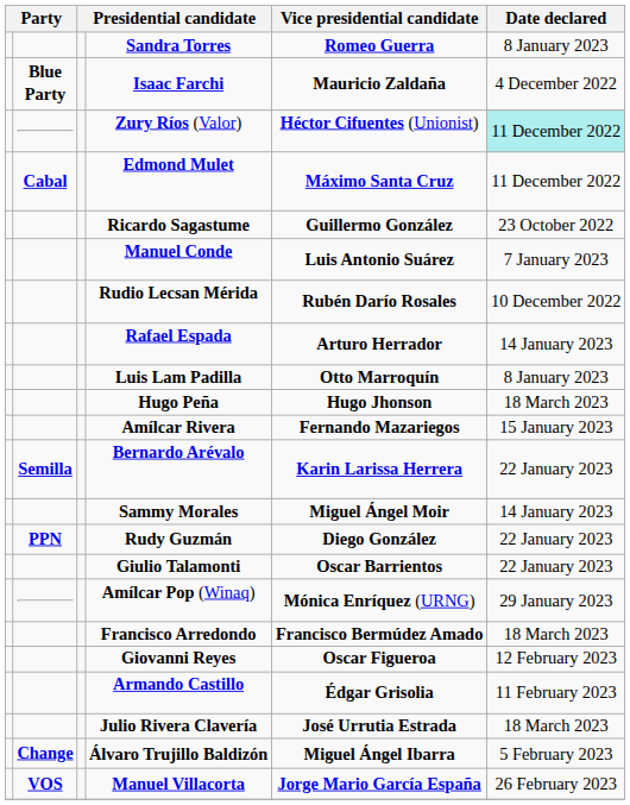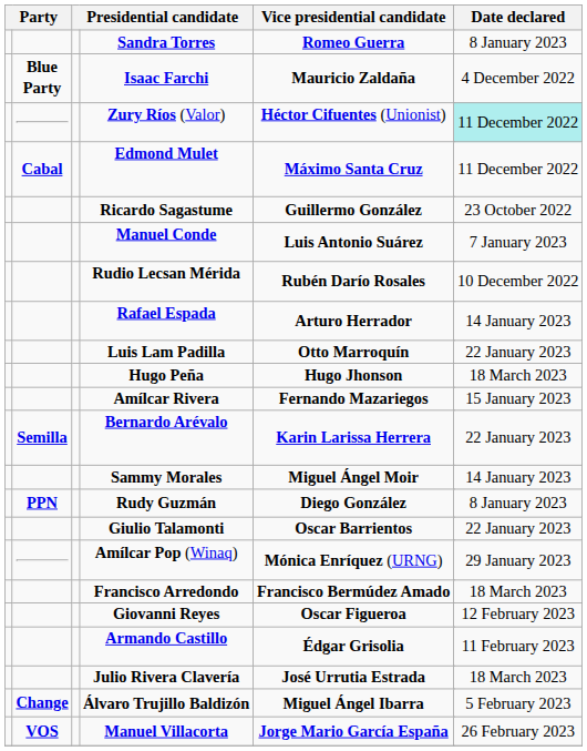 <table class="vertical-align-top wikitable">
 <tr>
 <th scope=colgroup colspan=2>Party</th>
 <th scope=colgroup colspan=2>Presidential candidate</th>
 <th scope=colgroup colspan=2>Vice presidential candidate</th>
 <th>Date declared</th>
 </tr>
 <tr>
 <td style=background:></td>
 <td style="text-align:center; line-height:1.3"><strong></strong></td>
 <td></td>
 <td style="text-align:center; line-height:1.0"><strong><a href='#'>Sandra Torres</a></strong><br></td>
 <td colspan=2; style="text-align:center; line-height:1.0"><strong><a href='#'>Romeo Guerra</a></strong></td>
 <td style="text-align:center; line-height:1.0">8 January 2023</td>
 </tr>
 <tr>
 <td style="background:"></td>
 <td style="text-align:center; line-height:1.3"><strong>Blue <br>Party</strong></td>
 <td></td>
 <td style="text-align:center; line-height:1.0"><strong><a href='#'>Isaac Farchi</a></strong><br></td>
 <td colspan="2;" style="text-align:center; line-height:1.0"><strong>Mauricio Zaldaña</strong></td>
 <td style="text-align:center ">4 December 2022</td>
 </tr>
 <tr>
 <td style="background:"></td>
 <td style="text-align:center; line-height:1.3"><strong></strong><hr><strong></strong></td>
 <td></td>
 <td style="text-align:center; line-height:1.0"><strong><a href='#'>Zury Ríos</a></strong> (<a href='#'>Valor</a>)<br><br></td>
 <td colspan="2;" style="text-align:center; line-height:1.0"><strong><a href='#'>Héctor Cifuentes</a></strong> (<a href='#'>Unionist</a>)<br><br></td>
 <td style="background: paleturquoise; text-align:center ">11 December 2022</td>
 </tr>
 <tr>
 <td style="background:"></td>
 <td style="text-align:center; line-height:1.3"><strong><a href='#'>Cabal</a></strong></td>
 <td></td>
 <td style="text-align:center; line-height:1.0"><strong><a href='#'>Edmond Mulet</a></strong><br><br><br></td>
 <td colspan="2;" style="text-align:center; line-height:1.0"><strong><a href='#'>Máximo Santa Cruz</a></strong></td>
 <td style="text-align:center ">11 December 2022</td>
 </tr>
 <tr>
 <td style="background:"></td>
 <td style="text-align:center; line-height:1.3"><strong></strong></td>
 <td></td>
 <td style="text-align:center; line-height:1.0"><strong>Ricardo Sagastume</strong><br></td>
 <td colspan="2;" style="text-align:center; line-height:1.0"><strong>Guillermo González</strong></td>
 <td style="text-align:center ">23 October 2022</td>
 </tr>
 <tr>
 <td style="background:"></td>
 <td style="text-align:center; line-height:1.3"><strong></strong></td>
 <td></td>
 <td style="text-align:center; line-height:1.0"><strong><a href='#'>Manuel Conde</a></strong><br><br></td>
 <td colspan="2;" style="text-align:center; line-height:1.0"><strong>Luis Antonio Suárez</strong></td>
 <td style="text-align:center; line-height:1.0">7 January 2023</td>
 </tr>
 <tr>
 <td style="background:"></td>
 <td style="text-align:center; line-height:1.3"><strong></strong></td>
 <td></td>
 <td style="text-align:center; line-height:1.0"><strong>Rudio Lecsan Mérida</strong><br><br></td>
 <td colspan="2;" style="text-align:center; line-height:1.0"><strong>Rubén Darío Rosales</strong><br></td>
 <td style="text-align:center ">10 December 2022</td>
 </tr>
 <tr>
 <td style="background:"></td>
 <td style="text-align:center; line-height:1.3"></td>
 <td></td>
 <td style="text-align:center; line-height:1.0"><strong><a href='#'>Rafael Espada</a></strong><br><br></td>
 <td colspan="2;" style="text-align:center; line-height:1.0"><strong>Arturo Herrador</strong></td>
 <td style="text-align:center; line-height:1.0">14 January 2023</td>
 </tr>
 <tr>
 <td style="background:"></td>
 <td style="text-align:center; line-height:1.3"></td>
 <td></td>
 <td style="text-align:center; line-height:1.0"><strong>Luis Lam Padilla</strong><br></td>
 <td colspan="2;" style="text-align:center; line-height:1.0"><strong>Otto Marroquín</strong></td>
-<td style="text-align:center; line-height:1.0">8 January 2023</td>
+<td style="text-align:center; line-height:1.0">22 January 2023</td>
 </tr>
 <tr>
 <td style="background:"></td>
 <td style="text-align:center; line-height:1.3"></td>
 <td></td>
 <td style="text-align:center; line-height:1.0"><strong>Hugo Peña</strong></td>
 <td colspan="2;" style="text-align:center; line-height:1.0"><strong>Hugo Jhonson</strong></td>
 <td style="text-align:center; line-height:1.0">18 March 2023</td>
 </tr>
 <tr>
 <td style="background:"></td>
 <td style="text-align:center; line-height:1.3"><strong></strong></td>
 <td></td>
 <td style="text-align:center; line-height:1.0"><strong>Amílcar Rivera</strong><br></td>
 <td colspan="2;" style="text-align:center; line-height:1.0"><strong>Fernando Mazariegos</strong></td>
 <td style="text-align:center; line-height:1.0">15 January 2023</td>
 </tr>
 <tr>
 <td style="background:"></td>
 <td style="text-align:center; line-height:1.3"><strong><a href='#'>Semilla</a></strong></td>
 <td></td>
 <td style="text-align:center; line-height:1.0"><strong><a href='#'>Bernardo Arévalo</a></strong><br><br><br></td>
 <td colspan="2;" style="text-align:center; line-height:1.0"><strong><a href='#'>Karin Larissa Herrera</a></strong></td>
 <td style="text-align:center; line-height:1.0">22 January 2023</td>
 </tr>
 <tr>
 <td style="background:"></td>
 <td style="text-align:center; line-height:1.3"><strong></strong></td>
 <td></td>
 <td style="text-align:center; line-height:1.0"><strong>Sammy Morales</strong></td>
 <td colspan="2;" style="text-align:center; line-height:1.0"><strong>Miguel Ángel Moir</strong></td>
 <td style="text-align:center; line-height:1.0">14 January 2023</td>
 </tr>
 <tr>
 <td style="background:"></td>
 <td style="text-align:center; line-height:1.3"><strong><a href='#'>PPN</a></strong></td>
 <td></td>
 <td style="text-align:center; line-height:1.0"><strong>Rudy Guzmán</strong></td>
 <td colspan="2;" style="text-align:center; line-height:1.0"><strong>Diego González</strong><br></td>
-<td style="text-align:center; line-height:1.0">22 January 2023</td>
+<td style="text-align:center; line-height:1.0">8 January 2023</td>
 </tr>
 <tr>
 <td style="background:"></td>
 <td style="text-align:center; line-height:1.3"></td>
 <td></td>
 <td style="text-align:center; line-height:1.0"><strong>Giulio Talamonti</strong><br></td>
 <td colspan="2;" style="text-align:center; line-height:1.0"><strong>Oscar Barrientos</strong></td>
 <td style="text-align:center; line-height:1.0">22 January 2023</td>
 </tr>
 <tr>
 <td style="background:"></td>
 <td style="text-align:center; line-height:1.3"><strong></strong><hr><strong></strong></td>
 <td></td>
 <td style="text-align:center; line-height:1.0"><strong>Amílcar Pop</strong> (<a href='#'>Winaq</a>)<br><br></td>
 <td colspan="2;" style="text-align:center; line-height:1.0"><strong>Mónica Enríquez</strong> (<a href='#'>URNG</a>)</td>
 <td style="text-align:center; line-height:1.0">29 January 2023</td>
 </tr>
 <tr>
 <td style="background:"></td>
 <td style="text-align:center; line-height:1.3"><strong></strong></td>
 <td></td>
 <td style="text-align:center; line-height:1.0"><strong>Francisco Arredondo</strong><br></td>
 <td colspan="2;" style="text-align:center; line-height:1.0"><strong>Francisco Bermúdez Amado</strong><br></td>
 <td style="text-align:center; line-height:1.0">18 March 2023</td>
 </tr>
 <tr>
 <td style="background:"></td>
 <td style="text-align:center; line-height:1.3"><strong></strong></td>
 <td></td>
 <td style="text-align:center; line-height:1.0"><strong>Giovanni Reyes</strong></td>
 <td colspan="2;" style="text-align:center; line-height:1.0"><strong>Oscar Figueroa</strong></td>
 <td style="text-align:center; line-height:1.0">12 February 2023</td>
 </tr>
 <tr>
 <td style="background:"></td>
 <td style="text-align:center; line-height:1.3"><strong></strong></td>
 <td></td>
 <td style="text-align:center; line-height:1.0"><strong><a href='#'>Armando Castillo</a></strong><br><br></td>
 <td colspan="2;" style="text-align:center; line-height:1.0"><strong>Édgar Grisolia</strong></td>
 <td style="text-align:center; line-height:1.0">11 February 2023</td>
 </tr>
 <tr>
 <td style="background:"></td>
 <td style="text-align:center; line-height:1.3"></td>
 <td></td>
 <td style="text-align:center; line-height:1.0"><strong>Julio Rivera Clavería</strong><br></td>
 <td colspan="2;" style="text-align:center; line-height:1.0"><strong>José Urrutia Estrada</strong></td>
 <td style="text-align:center; line-height:1.0">18 March 2023</td>
 </tr>
 <tr>
 <td style="background:"></td>
 <td style="text-align:center; line-height:1.3"><strong><a href='#'>Change</a></strong></td>
 <td></td>
 <td style="text-align:center; line-height:1.0"><strong>Álvaro Trujillo Baldizón</strong><br></td>
 <td colspan="2;" style="text-align:center; line-height:1.0"><strong>Miguel Ángel Ibarra</strong><br></td>
 <td style="text-align:center; line-height:1.0">5 February 2023</td>
 </tr>
 <tr>
 <td style="background:"></td>
 <td style="text-align:center; line-height:1.3"><strong><a href='#'>VOS</a></strong></td>
 <td></td>
 <td style="text-align:center; line-height:1.0"><strong><a href='#'>Manuel Villacorta</a></strong><br></td>
 <td colspan="2;" style="text-align:center; line-height:1.0"><strong><a href='#'>Jorge Mario García España</a></strong></td>
 <td style="text-align:center; line-height:1.0">26 February 2023</td>
 </tr>
 <tr>
 </tr>
 </table>
